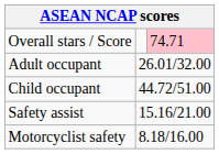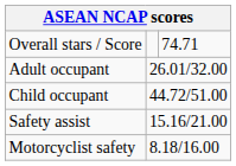 <table class="wikitable">
 <tr>
 <th colspan="3"><a href='#'>ASEAN NCAP</a> scores</th>
 </tr>
 <tr>
 <td>Overall stars / Score</td>
 <td></td>
-<td style="background: pink;">74.71</td>
+<td>74.71</td>
 </tr>
 <tr>
 <td>Adult occupant</td>
 <td colspan="2">26.01/32.00</td>
 </tr>
 <tr>
 <td>Child occupant</td>
 <td colspan="2">44.72/51.00</td>
 </tr>
 <tr>
 <td>Safety assist</td>
 <td colspan="2">15.16/21.00</td>
 </tr>
 <tr>
 <td>Motorcyclist safety</td>
 <td colspan="2">8.18/16.00</td>
 </tr>
 </table>
